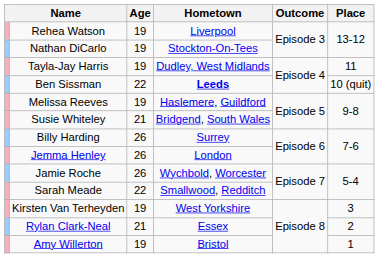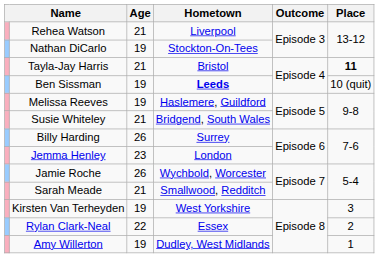 <table class="wikitable sortable" style="text-align:center;">
 <tr>
 <th colspan=2>Name</th>
 <th>Age</th>
 <th>Hometown</th>
 <th>Outcome</th>
 <th>Place</th>
 </tr>
 <tr>
 <td style="background:#faafbe"></td>
 <td>Rehea Watson</td>
-<td>19</td>
+<td>21</td>
 <td><a href='#'>Liverpool</a></td>
 <td rowspan="2">Episode 3</td>
 <td rowspan="2">13-12</td>
 </tr>
 <tr>
 <td style="background:#9cf;"></td>
 <td>Nathan DiCarlo</td>
 <td>19</td>
 <td><a href='#'>Stockton-On-Tees</a></td>
 </tr>
 <tr>
 <td style="background:#faafbe"></td>
 <td>Tayla-Jay Harris</td>
-<td>19</td>
-<td><a href='#'>Dudley, West Midlands</a></td>
+<td>21</td>
+<td><a href='#'>Bristol</a></td>
 <td rowspan="2">Episode 4</td>
-<td>11</td>
+<td><strong>11</strong></td>
 </tr>
 <tr>
 <td style="background:#9cf;"></td>
 <td>Ben Sissman</td>
-<td>22</td>
+<td>19</td>
 <td><strong><a href='#'>Leeds</a></strong></td>
 <td>10 (quit)</td>
 </tr>
 <tr>
 <td style="background:#faafbe"></td>
 <td>Melissa Reeves</td>
 <td>19</td>
 <td><a href='#'>Haslemere</a>, <a href='#'>Guildford</a></td>
 <td rowspan="2">Episode 5</td>
 <td rowspan="2">9-8</td>
 </tr>
 <tr>
 <td style="background:#faafbe"></td>
 <td>Susie Whiteley</td>
 <td>21</td>
 <td><a href='#'>Bridgend</a>, <a href='#'>South Wales</a></td>
 </tr>
 <tr>
 <td style="background:#9cf;"></td>
 <td>Billy Harding</td>
 <td>26</td>
 <td><a href='#'>Surrey</a></td>
 <td rowspan="2">Episode 6</td>
 <td rowspan="2">7-6</td>
 </tr>
 <tr>
 <td style="background:#faafbe"></td>
 <td><a href='#'>Jemma Henley</a></td>
-<td>26</td>
+<td>23</td>
 <td><a href='#'>London</a></td>
 </tr>
 <tr>
 <td style="background:#9cf;"></td>
 <td>Jamie Roche</td>
 <td>26</td>
 <td><a href='#'>Wychbold</a>, <a href='#'>Worcester</a></td>
 <td rowspan="2">Episode 7</td>
 <td rowspan="2">5-4</td>
 </tr>
 <tr>
 <td style="background:#faafbe"></td>
 <td>Sarah Meade</td>
-<td>22</td>
+<td>21</td>
 <td><a href='#'>Smallwood</a>, <a href='#'>Redditch</a></td>
 </tr>
 <tr>
 <td style="background:#faafbe"></td>
 <td>Kirsten Van Terheyden</td>
 <td>19</td>
 <td><a href='#'>West Yorkshire</a></td>
 <td rowspan="3">Episode 8</td>
 <td>3</td>
 </tr>
 <tr>
 <td style="background:#9cf;"></td>
 <td><a href='#'>Rylan Clark-Neal</a></td>
-<td>21</td>
+<td>22</td>
 <td><a href='#'>Essex</a></td>
 <td>2</td>
 </tr>
 <tr>
 <td style="background:#faafbe"></td>
 <td><a href='#'>Amy Willerton</a></td>
 <td>19</td>
-<td><a href='#'>Bristol</a></td>
+<td><a href='#'>Dudley, West Midlands</a></td>
 <td>1</td>
 </tr>
 </table>
